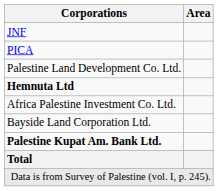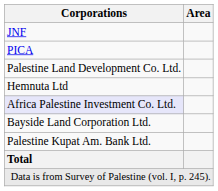 <table class="wikitable" style="text-align:right;">
 <tr>
 <th>Corporations</th>
 <th>Area</th>
 </tr>
 <tr>
 <td align="left"><a href='#'>JNF</a></td>
 <td></td>
 </tr>
 <tr>
 <td align="left"><a href='#'>PICA</a></td>
 <td></td>
 </tr>
 <tr>
 <td align="left">Palestine Land Development Co. Ltd.</td>
 <td></td>
 </tr>
 <tr>
-<td align="left"><strong>Hemnuta Ltd</strong></td>
+<td align="left">Hemnuta Ltd</td>
 <td></td>
 </tr>
 <tr>
-<td align="left">Africa Palestine Investment Co. Ltd.</td>
+<td align="left" style="background: lavender;">Africa Palestine Investment Co. Ltd.</td>
 <td></td>
 </tr>
 <tr>
 <td align="left">Bayside Land Corporation Ltd.</td>
 <td></td>
 </tr>
 <tr>
-<td align="left"><strong>Palestine Kupat Am. Bank Ltd.</strong></td>
+<td align="left">Palestine Kupat Am. Bank Ltd.</td>
 <td></td>
 </tr>
 <tr style="background:#f2f2f2; font-weight:bold">
 <td align="left">Total</td>
 <td></td>
 </tr>
 <tr>
 <td colspan="7" style="background:#e9e9e9;font-size:90%;">Data is from Survey of Palestine (vol. I, p. 245).</td>
 </tr>
 </table>
